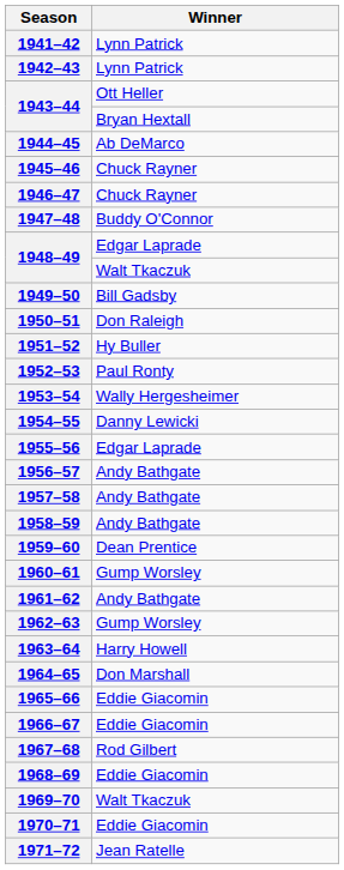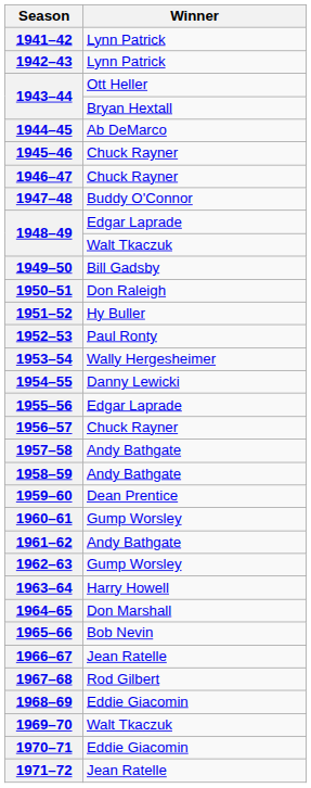 <table class="wikitable">
 <tr>
 <th scope="col" style="width:5em">Season</th>
 <th scope="col" style="width:15em">Winner</th>
 </tr>
 <tr>
 <th scope="row"><a href='#'>1941–42</a></th>
 <td><a href='#'>Lynn Patrick</a></td>
 </tr>
 <tr>
 <th scope="row"><a href='#'>1942–43</a></th>
 <td><a href='#'>Lynn Patrick</a></td>
 </tr>
 <tr>
 <th scope="row" rowspan="2"><a href='#'>1943–44</a></th>
 <td><a href='#'>Ott Heller</a></td>
 </tr>
 <tr>
 <td><a href='#'>Bryan Hextall</a></td>
 </tr>
 <tr>
 <th scope="row"><a href='#'>1944–45</a></th>
 <td><a href='#'>Ab DeMarco</a></td>
 </tr>
 <tr>
 <th scope="row"><a href='#'>1945–46</a></th>
 <td><a href='#'>Chuck Rayner</a></td>
 </tr>
 <tr>
 <th scope="row"><a href='#'>1946–47</a></th>
 <td><a href='#'>Chuck Rayner</a></td>
 </tr>
 <tr>
 <th scope="row"><a href='#'>1947–48</a></th>
 <td><a href='#'>Buddy O'Connor</a></td>
 </tr>
 <tr>
 <th scope="row" rowspan="2"><a href='#'>1948–49</a></th>
 <td><a href='#'>Edgar Laprade</a></td>
 </tr>
 <tr>
 <td><a href='#'>Walt Tkaczuk</a></td>
 </tr>
 <tr>
 <th scope="row"><a href='#'>1949–50</a></th>
 <td><a href='#'>Bill Gadsby</a></td>
 </tr>
 <tr>
 <th scope="row"><a href='#'>1950–51</a></th>
 <td><a href='#'>Don Raleigh</a></td>
 </tr>
 <tr>
 <th scope="row"><a href='#'>1951–52</a></th>
 <td><a href='#'>Hy Buller</a></td>
 </tr>
 <tr>
 <th scope="row"><a href='#'>1952–53</a></th>
 <td><a href='#'>Paul Ronty</a></td>
 </tr>
 <tr>
 <th scope="row"><a href='#'>1953–54</a></th>
 <td><a href='#'>Wally Hergesheimer</a></td>
 </tr>
 <tr>
 <th scope="row"><a href='#'>1954–55</a></th>
 <td><a href='#'>Danny Lewicki</a></td>
 </tr>
 <tr>
 <th scope="row"><a href='#'>1955–56</a></th>
 <td><a href='#'>Edgar Laprade</a></td>
 </tr>
 <tr>
 <th scope="row"><a href='#'>1956–57</a></th>
-<td><a href='#'>Andy Bathgate</a></td>
+<td><a href='#'>Chuck Rayner</a></td>
 </tr>
 <tr>
 <th scope="row"><a href='#'>1957–58</a></th>
 <td><a href='#'>Andy Bathgate</a></td>
 </tr>
 <tr>
 <th scope="row"><a href='#'>1958–59</a></th>
 <td><a href='#'>Andy Bathgate</a></td>
 </tr>
 <tr>
 <th scope="row"><a href='#'>1959–60</a></th>
 <td><a href='#'>Dean Prentice</a></td>
 </tr>
 <tr>
 <th scope="row"><a href='#'>1960–61</a></th>
 <td><a href='#'>Gump Worsley</a></td>
 </tr>
 <tr>
 <th scope="row"><a href='#'>1961–62</a></th>
 <td><a href='#'>Andy Bathgate</a></td>
 </tr>
 <tr>
 <th scope="row"><a href='#'>1962–63</a></th>
 <td><a href='#'>Gump Worsley</a></td>
 </tr>
 <tr>
 <th scope="row"><a href='#'>1963–64</a></th>
 <td><a href='#'>Harry Howell</a></td>
 </tr>
 <tr>
 <th scope="row"><a href='#'>1964–65</a></th>
 <td><a href='#'>Don Marshall</a></td>
 </tr>
 <tr>
 <th scope="row"><a href='#'>1965–66</a></th>
-<td><a href='#'>Eddie Giacomin</a></td>
+<td><a href='#'>Bob Nevin</a></td>
 </tr>
 <tr>
 <th scope="row"><a href='#'>1966–67</a></th>
-<td><a href='#'>Eddie Giacomin</a></td>
+<td><a href='#'>Jean Ratelle</a></td>
 </tr>
 <tr>
 <th scope="row"><a href='#'>1967–68</a></th>
 <td><a href='#'>Rod Gilbert</a></td>
 </tr>
 <tr>
 <th scope="row"><a href='#'>1968–69</a></th>
 <td><a href='#'>Eddie Giacomin</a></td>
 </tr>
 <tr>
 <th scope="row"><a href='#'>1969–70</a></th>
 <td><a href='#'>Walt Tkaczuk</a></td>
 </tr>
 <tr>
 <th scope="row"><a href='#'>1970–71</a></th>
 <td><a href='#'>Eddie Giacomin</a></td>
 </tr>
 <tr>
 <th scope="row"><a href='#'>1971–72</a></th>
 <td><a href='#'>Jean Ratelle</a></td>
 </tr>
 </table>
